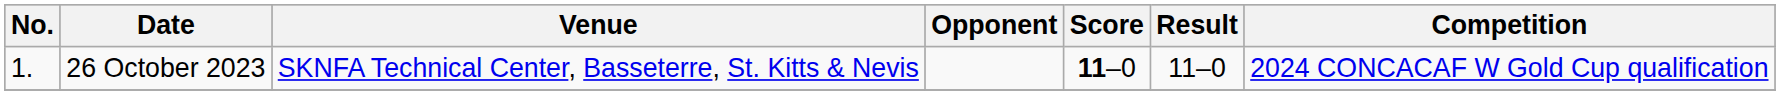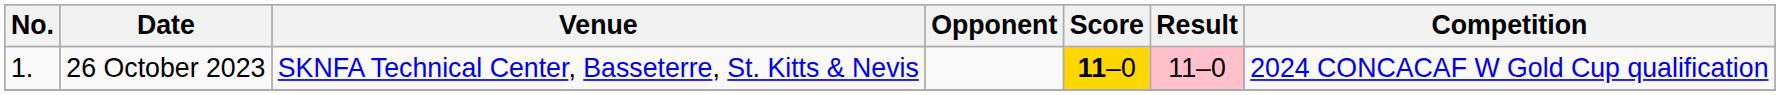 <table class="wikitable">
 <tr>
 <th>No.</th>
 <th>Date</th>
 <th>Venue</th>
 <th>Opponent</th>
 <th>Score</th>
 <th>Result</th>
 <th>Competition</th>
 </tr>
 <tr>
 <td>1.</td>
 <td>26 October 2023</td>
 <td><a href='#'>SKNFA Technical Center</a>, <a href='#'>Basseterre</a>, <a href='#'>St. Kitts & Nevis</a></td>
 <td></td>
-<td align=center><strong>11</strong>–0</td>
-<td align=center>11–0</td>
+<td align=center style="background: gold;"><strong>11</strong>–0</td>
+<td align=center style="background: pink;">11–0</td>
 <td><a href='#'>2024 CONCACAF W Gold Cup qualification</a></td>
 </tr>
 <tr>
 </tr>
 </table>
